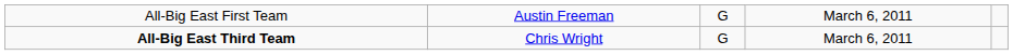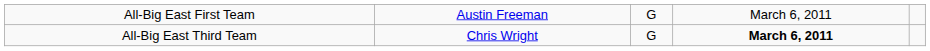 <table class="wikitable" style="width: 90%;text-align: center;">
 <tr align="center">
 <td rowspan="1">All-Big East First Team</td>
 <td><a href='#'>Austin Freeman</a></td>
 <td>G</td>
 <td>March 6, 2011</td>
 <td></td>
 </tr>
 <tr align="center">
-<td rowspan="1"><strong>All-Big East Third Team</strong></td>
+<td rowspan="1">All-Big East Third Team</td>
 <td><a href='#'>Chris Wright</a></td>
 <td>G</td>
-<td>March 6, 2011</td>
+<td><strong>March 6, 2011</strong></td>
 <td></td>
 </tr>
 </table>
